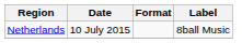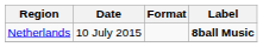 <table class=wikitable>
 <tr>
 <th>Region</th>
 <th>Date</th>
 <th>Format</th>
 <th>Label</th>
 </tr>
 <tr>
 <td><a href='#'>Netherlands</a></td>
 <td>10 July 2015</td>
 <td></td>
-<td>8ball Music</td>
+<td><strong>8ball Music</strong></td>
 </tr>
 <tr>
 </tr>
 </table>
